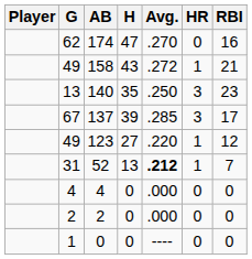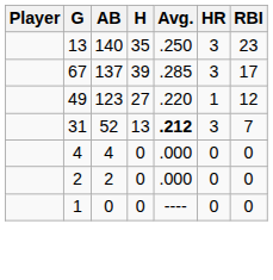 <table class="wikitable sortable" style="text-align:center;">
 <tr>
 <th>Player</th>
 <th>G</th>
 <th>AB</th>
 <th>H</th>
 <th>Avg.</th>
 <th>HR</th>
 <th>RBI</th>
-</tr>
-<tr>
-<td></td>
-<td>62</td>
-<td>174</td>
-<td>47</td>
-<td>.270</td>
-<td>0</td>
-<td>16</td>
-</tr>
-<tr>
-<td></td>
-<td>49</td>
-<td>158</td>
-<td>43</td>
-<td>.272</td>
-<td>1</td>
-<td>21</td>
 </tr>
 <tr>
 <td></td>
 <td>13</td>
 <td>140</td>
 <td>35</td>
 <td>.250</td>
 <td>3</td>
 <td>23</td>
 </tr>
 <tr>
 <td></td>
 <td>67</td>
 <td>137</td>
 <td>39</td>
 <td>.285</td>
 <td>3</td>
 <td>17</td>
 </tr>
 <tr>
 <td></td>
 <td>49</td>
 <td>123</td>
 <td>27</td>
 <td>.220</td>
 <td>1</td>
 <td>12</td>
 </tr>
 <tr>
 <td></td>
 <td>31</td>
 <td>52</td>
 <td>13</td>
 <td><strong>.212</strong></td>
-<td>1</td>
+<td>3</td>
 <td>7</td>
 </tr>
 <tr>
 <td></td>
 <td>4</td>
 <td>4</td>
 <td>0</td>
 <td>.000</td>
 <td>0</td>
 <td>0</td>
 </tr>
 <tr>
 <td></td>
 <td>2</td>
 <td>2</td>
 <td>0</td>
 <td>.000</td>
 <td>0</td>
 <td>0</td>
 </tr>
 <tr>
 <td></td>
 <td>1</td>
 <td>0</td>
 <td>0</td>
 <td>----</td>
 <td>0</td>
 <td>0</td>
 </tr>
 </table>
